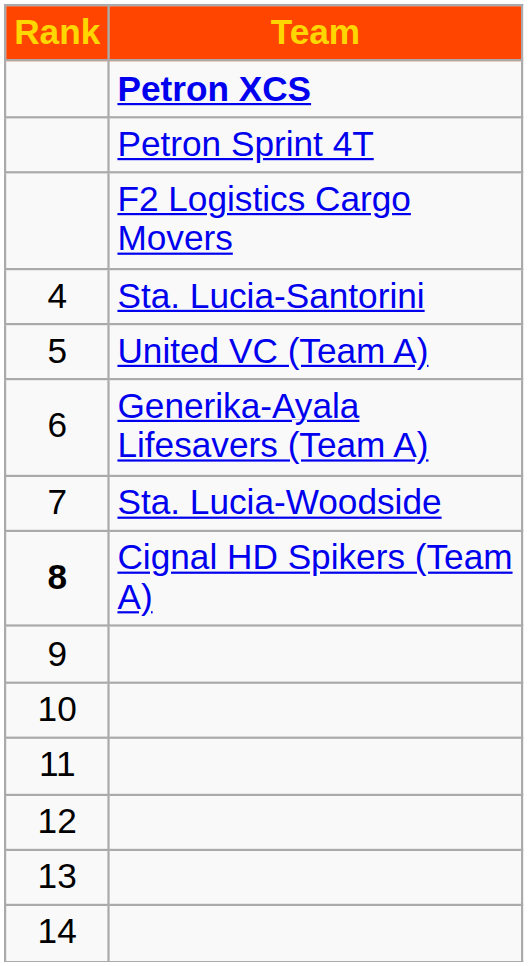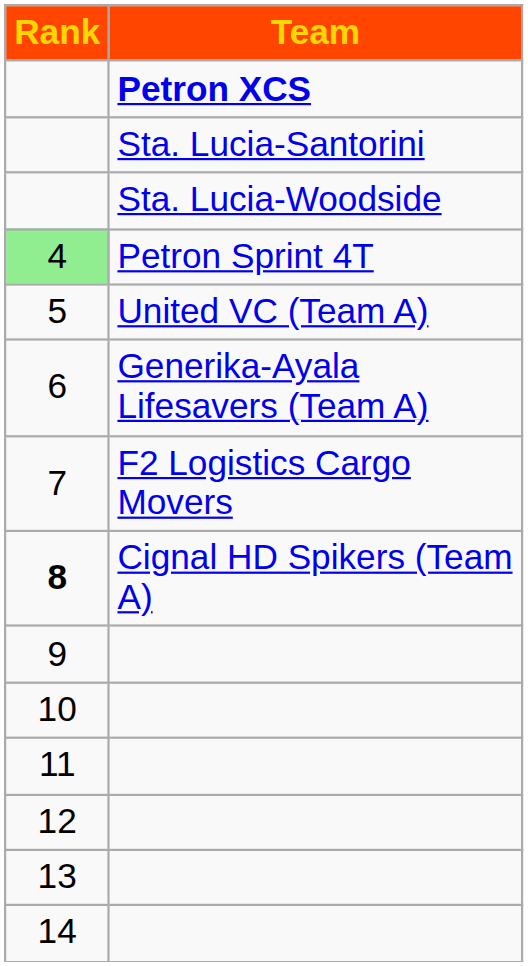 <table class="wikitable" style="text-align: center;">
 <tr>
 <th width=40 style="background:#FF4500; color:#FFD700;">Rank</th>
 <th width=180 style="background:#FF4500; color:#FFD700;">Team</th>
 </tr>
 <tr>
 <td></td>
 <td align="left"><strong><a href='#'>Petron XCS</a></strong></td>
 </tr>
 <tr>
 <td></td>
-<td align="left"><a href='#'>Petron Sprint 4T</a></td>
+<td align="left"><a href='#'>Sta. Lucia-Santorini</a></td>
 </tr>
 <tr>
 <td></td>
-<td align="left"><a href='#'>F2 Logistics Cargo Movers</a></td>
+<td align="left"><a href='#'>Sta. Lucia-Woodside</a></td>
 </tr>
 <tr>
-<td>4</td>
-<td align="left"><a href='#'>Sta. Lucia-Santorini</a></td>
+<td style="background: lightgreen;">4</td>
+<td align="left"><a href='#'>Petron Sprint 4T</a></td>
 </tr>
 <tr>
 <td>5</td>
 <td align="left"><a href='#'>United VC (Team A)</a></td>
 </tr>
 <tr>
 <td>6</td>
 <td align="left"><a href='#'>Generika-Ayala Lifesavers (Team A)</a></td>
 </tr>
 <tr>
 <td>7</td>
-<td align="left"><a href='#'>Sta. Lucia-Woodside</a></td>
+<td align="left"><a href='#'>F2 Logistics Cargo Movers</a></td>
 </tr>
 <tr>
 <td><strong>8</strong></td>
 <td align="left"><a href='#'>Cignal HD Spikers (Team A)</a></td>
 </tr>
 <tr>
 <td>9</td>
 <td align="left"></td>
 </tr>
 <tr>
 <td>10</td>
 <td align="left"></td>
 </tr>
 <tr>
 <td>11</td>
 <td align="left"></td>
 </tr>
 <tr>
 <td>12</td>
 <td align="left"></td>
 </tr>
 <tr>
 <td>13</td>
 <td align="left"></td>
 </tr>
 <tr>
 <td>14</td>
 <td align="left"></td>
 </tr>
 <tr>
 </tr>
 </table>
